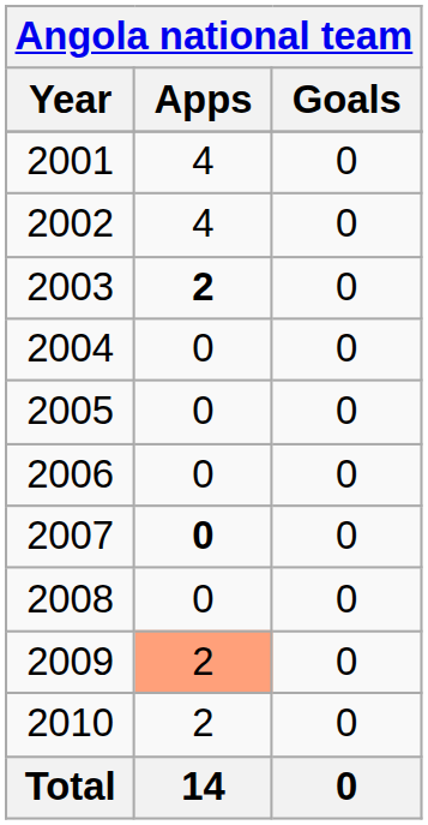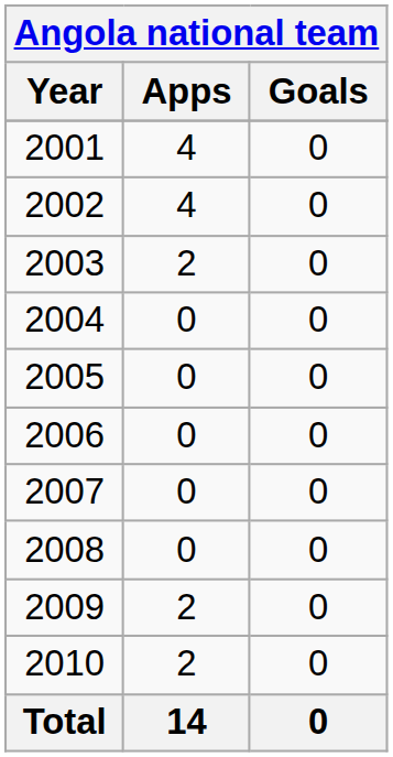 <table class="wikitable" style="text-align:center">
 <tr>
 <th colspan=3><a href='#'>Angola national team</a></th>
 </tr>
 <tr>
 <th>Year</th>
 <th>Apps</th>
 <th>Goals</th>
 </tr>
 <tr>
 </tr>
 <tr>
 <td>2001</td>
 <td>4</td>
 <td>0</td>
 </tr>
 <tr>
 <td>2002</td>
 <td>4</td>
 <td>0</td>
 </tr>
 <tr>
 <td>2003</td>
-<td><strong>2</strong></td>
+<td>2</td>
 <td>0</td>
 </tr>
 <tr>
 <td>2004</td>
 <td>0</td>
 <td>0</td>
 </tr>
 <tr>
 <td>2005</td>
 <td>0</td>
 <td>0</td>
 </tr>
 <tr>
 <td>2006</td>
 <td>0</td>
 <td>0</td>
 </tr>
 <tr>
 <td>2007</td>
-<td><strong>0</strong></td>
+<td>0</td>
 <td>0</td>
 </tr>
 <tr>
 <td>2008</td>
 <td>0</td>
 <td>0</td>
 </tr>
 <tr>
 <td>2009</td>
-<td style="background: lightsalmon;">2</td>
+<td>2</td>
 <td>0</td>
 </tr>
 <tr>
 <td>2010</td>
 <td>2</td>
 <td>0</td>
 </tr>
 <tr>
 <th>Total</th>
 <th>14</th>
 <th>0</th>
 </tr>
 </table>
